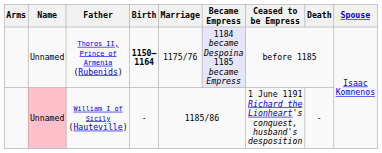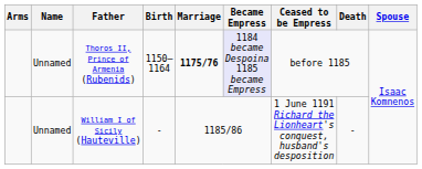 <table width=95% class="wikitable" style="text-align:center;">
 <tr>
 <th>Arms</th>
 <th>Name</th>
 <th>Father</th>
 <th>Birth</th>
 <th>Marriage</th>
 <th>Became Empress</th>
 <th>Ceased to be Empress</th>
 <th>Death</th>
 <th><a href='#'>Spouse</a></th>
 </tr>
 <tr>
 <td></td>
 <td>Unnamed</td>
 <td><small><a href='#'>Thoros II, Prince of Armenia</a></small><br> (<a href='#'>Rubenids</a>)</td>
-<td><strong>1150–1164</strong></td>
-<td>1175/76</td>
+<td>1150–1164</td>
+<td><strong>1175/76</strong></td>
 <td style="background: lavender;">1184<br><em>became Despoina</em><br>1185<br><em>became Empress</em></td>
 <td colspan="2">before 1185</td>
 <td rowspan="2"><a href='#'>Isaac Komnenos</a></td>
 </tr>
 <tr>
 <td></td>
-<td style="background: pink;">Unnamed</td>
+<td>Unnamed</td>
 <td><small><a href='#'>William I of Sicily</a></small><br> (<a href='#'>Hauteville</a>)</td>
 <td>-</td>
 <td colspan="2">1185/86</td>
 <td>1 June 1191<br><em><a href='#'>Richard the Lionheart</a>'s conquest, husband's desposition</em></td>
 <td>-</td>
 </tr>
 </table>
